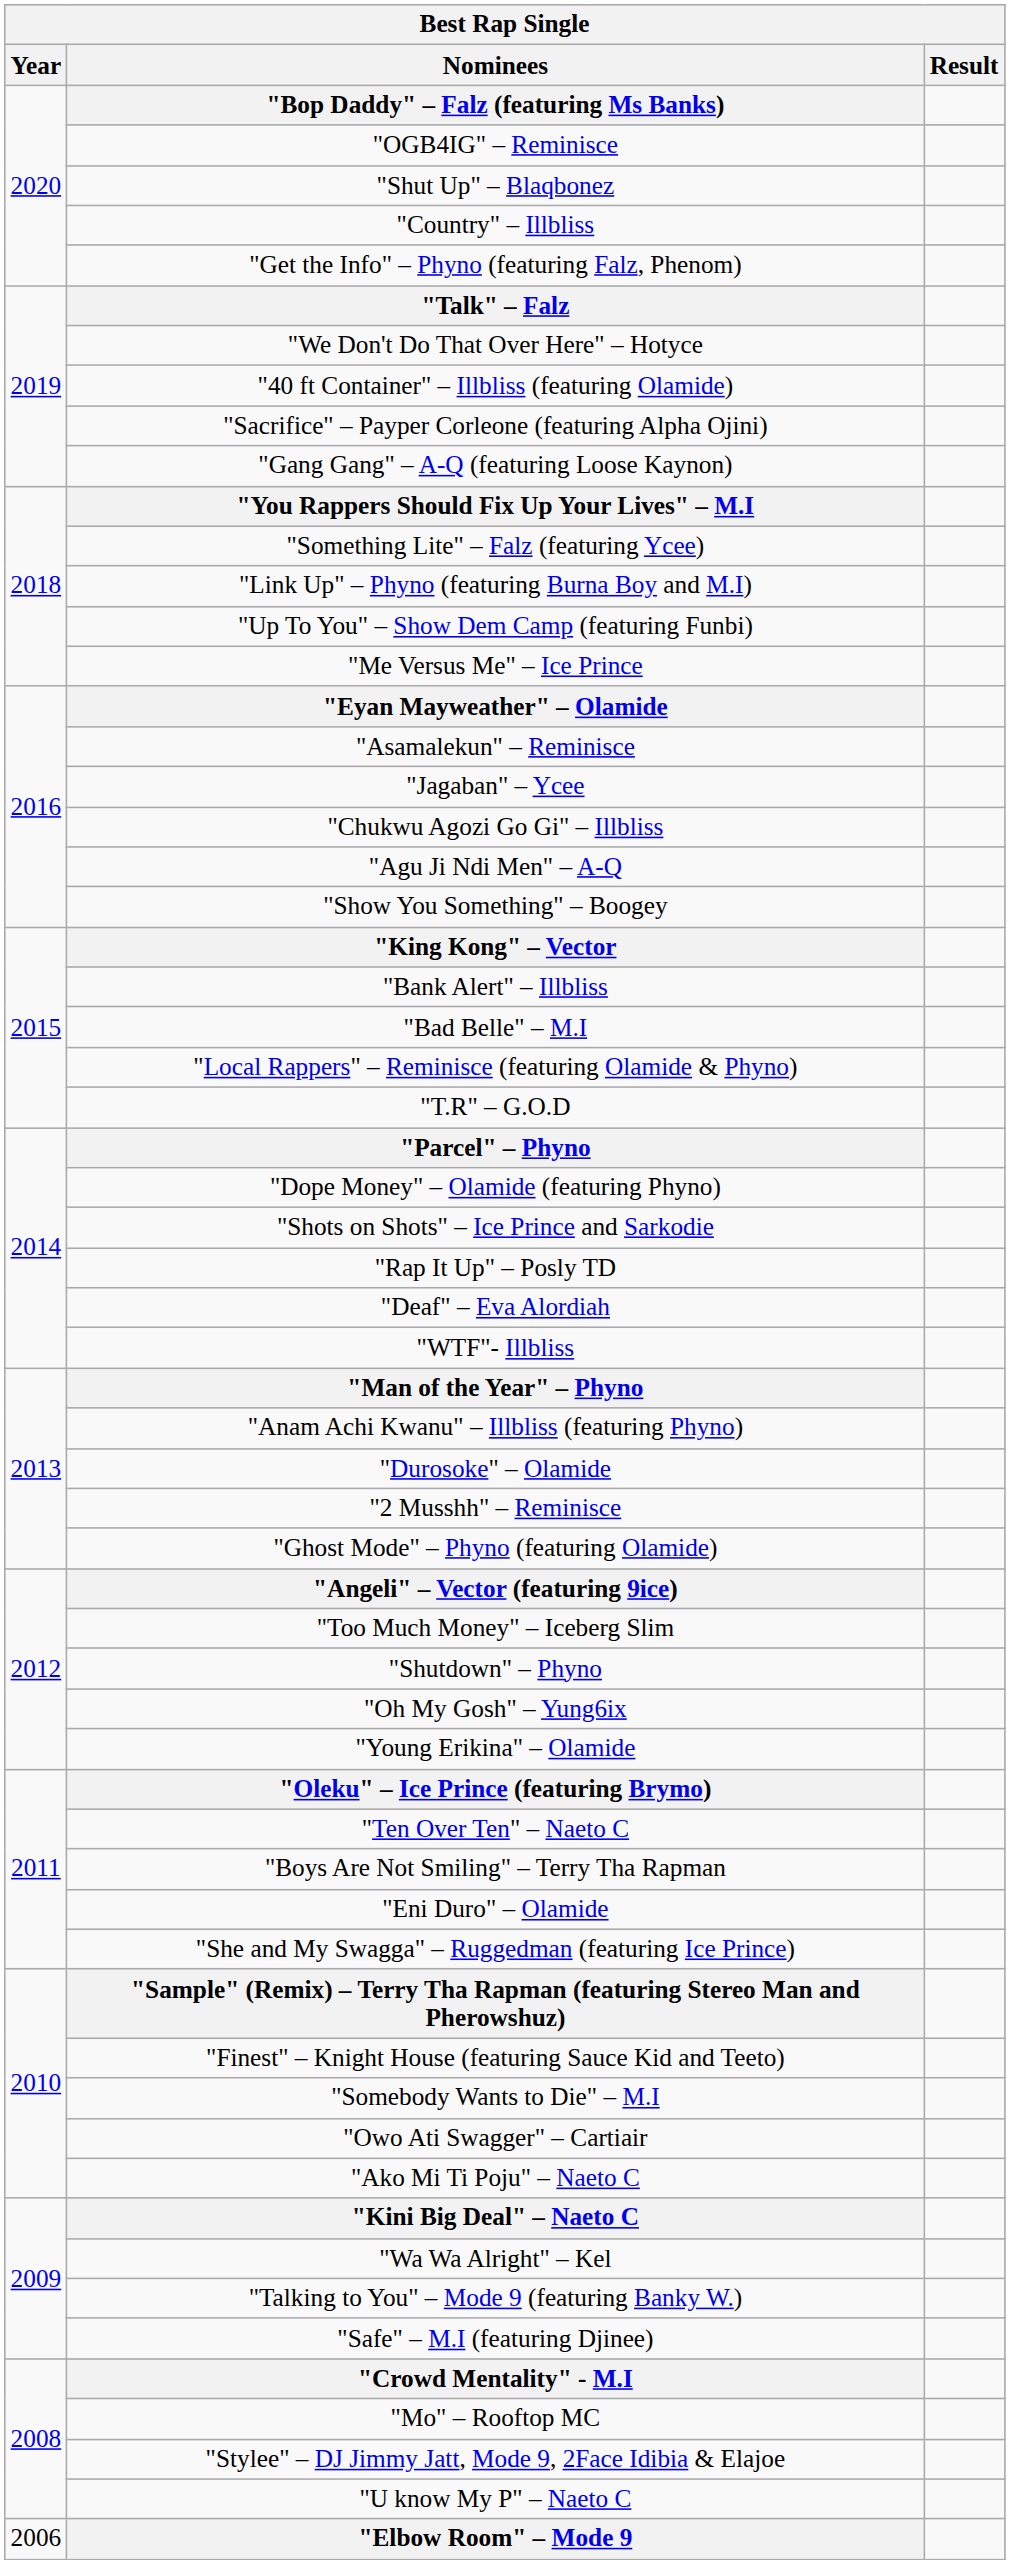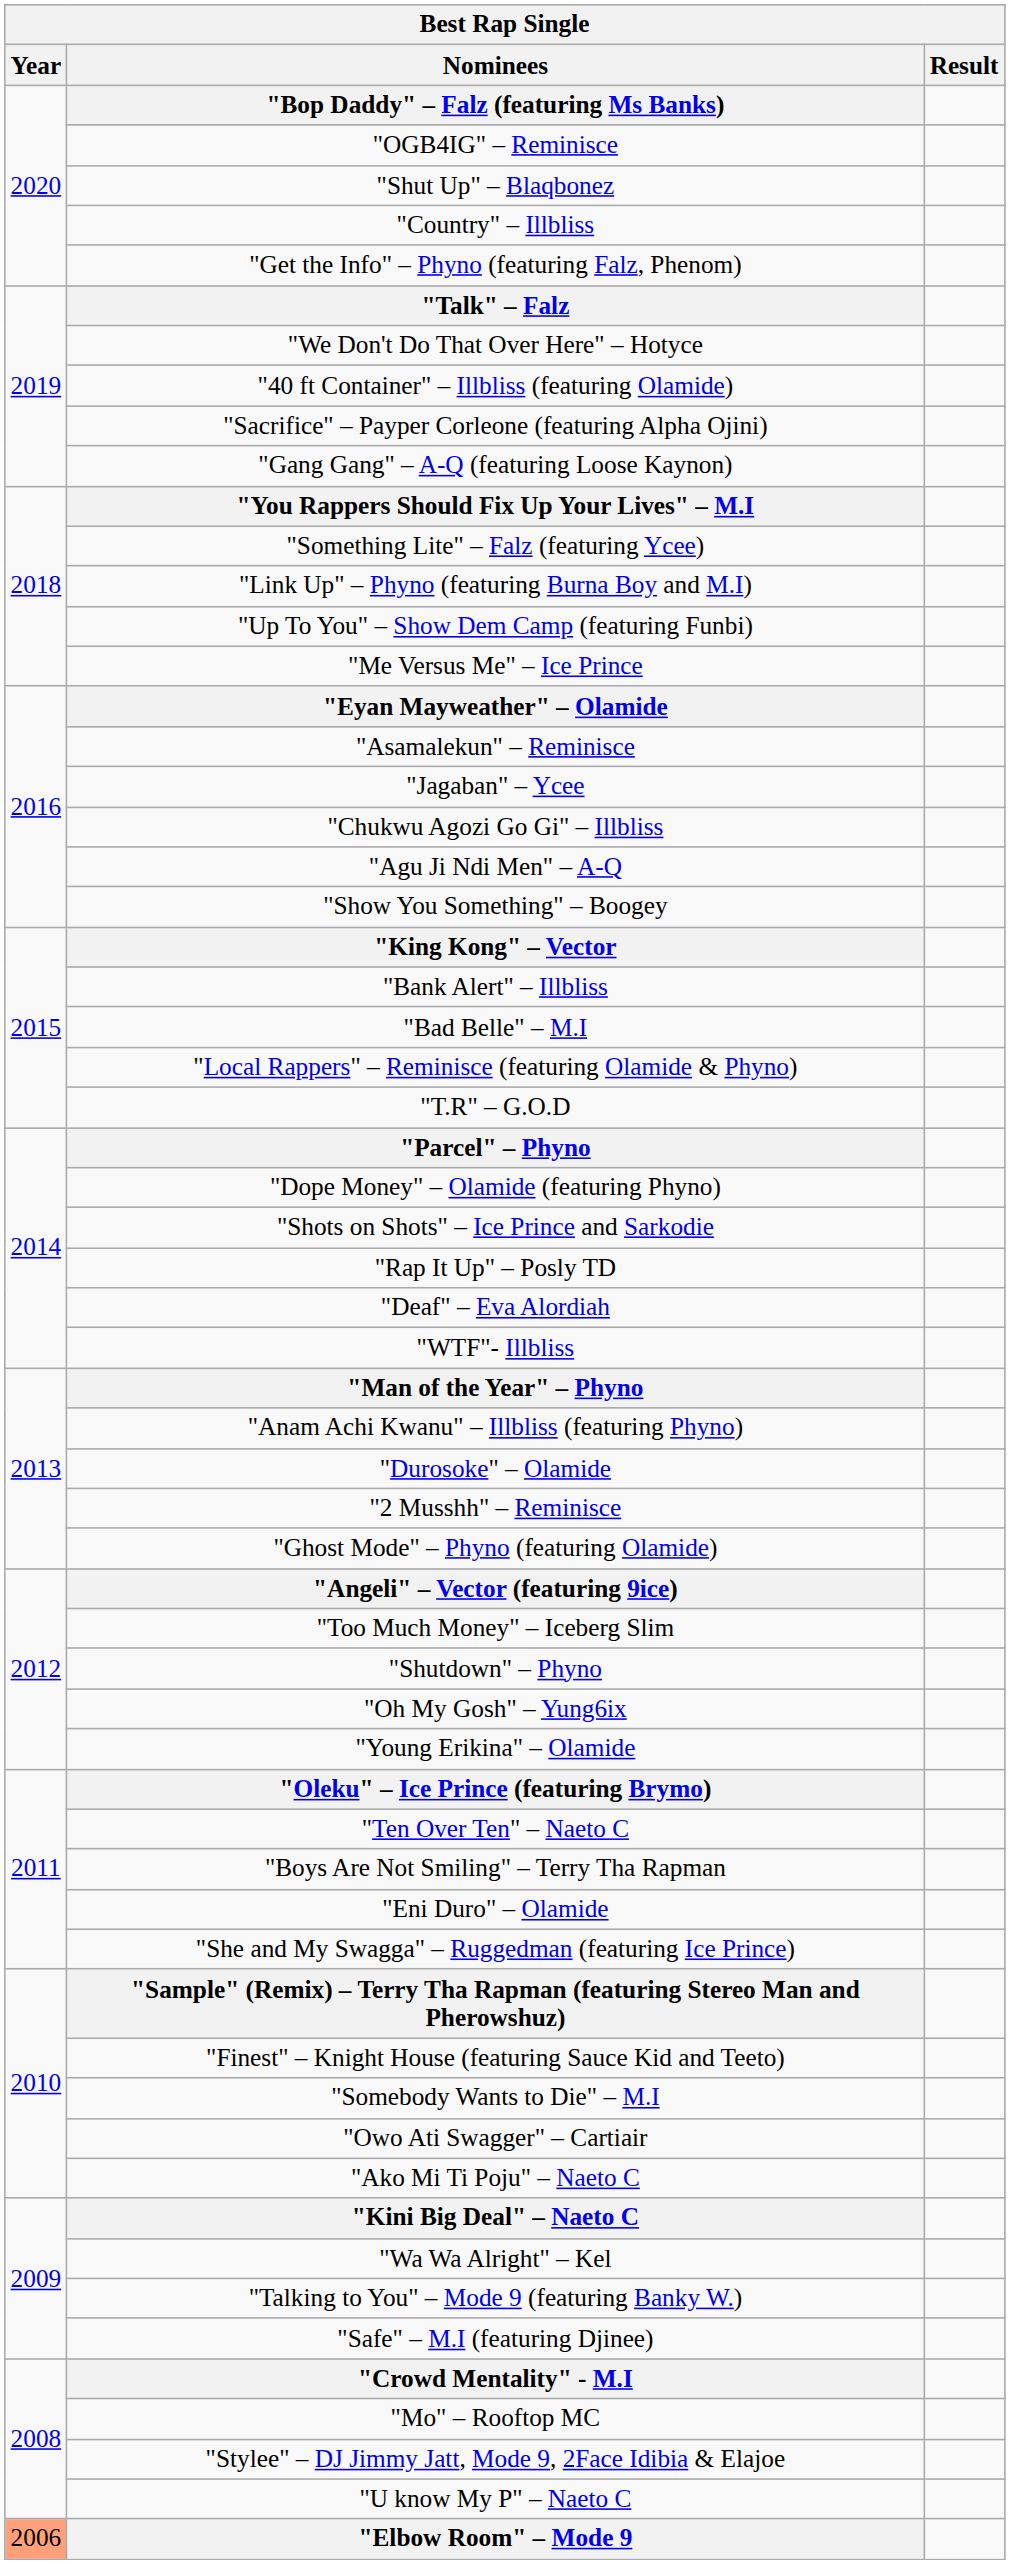 <table class="wikitable"  style="text-align:center; width:40%;">
 <tr>
 <th colspan="4">Best Rap Single</th>
 </tr>
 <tr>
 <th>Year</th>
 <th>Nominees</th>
 <th>Result</th>
 </tr>
 <tr>
 <td rowspan="5"><a href='#'>2020</a></td>
 <th>"Bop Daddy" – <a href='#'>Falz</a><span> (featuring <a href='#'>Ms Banks</a>)</span></th>
 <td></td>
 </tr>
 <tr>
 <td>"OGB4IG" – <a href='#'>Reminisce</a></td>
 <td></td>
 </tr>
 <tr>
 <td>"Shut Up" – <a href='#'>Blaqbonez</a></td>
 <td></td>
 </tr>
 <tr>
 <td>"Country" – <a href='#'>Illbliss</a></td>
 <td></td>
 </tr>
 <tr>
 <td>"Get the Info" – <a href='#'>Phyno</a><span> (featuring <a href='#'>Falz</a>, Phenom)</span></td>
 <td></td>
 </tr>
 <tr>
 <td rowspan="5"><a href='#'>2019</a></td>
 <th>"Talk" – <a href='#'>Falz</a></th>
 <td></td>
 </tr>
 <tr>
 <td>"We Don't Do That Over Here" – Hotyce</td>
 <td></td>
 </tr>
 <tr>
 <td>"40 ft Container" – <a href='#'>Illbliss</a> <span>(featuring <a href='#'>Olamide</a>)</span></td>
 <td></td>
 </tr>
 <tr>
 <td>"Sacrifice" – Payper Corleone <span>(featuring Alpha Ojini)</span></td>
 <td></td>
 </tr>
 <tr>
 <td>"Gang Gang" – <a href='#'>A-Q</a> <span>(featuring Loose Kaynon)</span></td>
 <td></td>
 </tr>
 <tr>
 <td rowspan="5"><a href='#'>2018</a></td>
 <th>"You Rappers Should Fix Up Your Lives" – <a href='#'>M.I</a></th>
 <td></td>
 </tr>
 <tr>
 <td>"Something Lite" – <a href='#'>Falz</a> <span>(featuring <a href='#'>Ycee</a>)</span></td>
 <td></td>
 </tr>
 <tr>
 <td>"Link Up" – <a href='#'>Phyno</a> <span>(featuring <a href='#'>Burna Boy</a> and <a href='#'>M.I</a>)</span></td>
 <td></td>
 </tr>
 <tr>
 <td>"Up To You" – <a href='#'>Show Dem Camp</a> <span>(featuring Funbi)</span></td>
 <td></td>
 </tr>
 <tr>
 <td>"Me Versus Me" – <a href='#'>Ice Prince</a></td>
 <td></td>
 </tr>
 <tr>
 <td rowspan="6"><a href='#'>2016</a></td>
 <th>"Eyan Mayweather" – <a href='#'>Olamide</a></th>
 <td></td>
 </tr>
 <tr>
 <td>"Asamalekun" – <a href='#'>Reminisce</a></td>
 <td></td>
 </tr>
 <tr>
 <td>"Jagaban" – <a href='#'>Ycee</a></td>
 <td></td>
 </tr>
 <tr>
 <td>"Chukwu Agozi Go Gi" – <a href='#'>Illbliss</a></td>
 <td></td>
 </tr>
 <tr>
 <td>"Agu Ji Ndi Men" – <a href='#'>A-Q</a></td>
 <td></td>
 </tr>
 <tr>
 <td>"Show You Something" – Boogey</td>
 <td></td>
 </tr>
 <tr>
 <td rowspan="5"><a href='#'>2015</a></td>
 <th>"King Kong" – <a href='#'>Vector</a></th>
 <td></td>
 </tr>
 <tr>
 <td>"Bank Alert" – <a href='#'>Illbliss</a></td>
 <td></td>
 </tr>
 <tr>
 <td>"Bad Belle" – <a href='#'>M.I</a></td>
 <td></td>
 </tr>
 <tr>
 <td>"<a href='#'>Local Rappers</a>" – <a href='#'>Reminisce</a> <span>(featuring <a href='#'>Olamide</a> & <a href='#'>Phyno</a>)</span></td>
 <td></td>
 </tr>
 <tr>
 <td>"T.R" – G.O.D</td>
 <td></td>
 </tr>
 <tr>
 <td rowspan="6"><a href='#'>2014</a></td>
 <th>"Parcel" – <a href='#'>Phyno</a></th>
 <td></td>
 </tr>
 <tr>
 <td>"Dope Money" – <a href='#'>Olamide</a> <span>(featuring Phyno)</span></td>
 <td></td>
 </tr>
 <tr>
 <td>"Shots on Shots" –  <a href='#'>Ice Prince</a> and <a href='#'>Sarkodie</a></td>
 <td></td>
 </tr>
 <tr>
 <td>"Rap It Up" – Posly TD</td>
 <td></td>
 </tr>
 <tr>
 <td>"Deaf" – <a href='#'>Eva Alordiah</a></td>
 <td></td>
 </tr>
 <tr>
 <td>"WTF"- <a href='#'>Illbliss</a></td>
 <td></td>
 </tr>
 <tr>
 <td rowspan="5"><a href='#'>2013</a></td>
 <th>"Man of the Year" – <a href='#'>Phyno</a></th>
 <td></td>
 </tr>
 <tr>
 <td>"Anam Achi Kwanu" – <a href='#'>Illbliss</a> <span>(featuring <a href='#'>Phyno</a>)</span></td>
 <td></td>
 </tr>
 <tr>
 <td>"<a href='#'>Durosoke</a>" –  <a href='#'>Olamide</a></td>
 <td></td>
 </tr>
 <tr>
 <td>"2 Musshh" – <a href='#'>Reminisce</a></td>
 <td></td>
 </tr>
 <tr>
 <td>"Ghost Mode" – <a href='#'>Phyno</a> <span>(featuring <a href='#'>Olamide</a>)</span></td>
 <td></td>
 </tr>
 <tr>
 <td rowspan="5"><a href='#'>2012</a></td>
 <th>"Angeli" – <a href='#'>Vector</a> <span>(featuring <a href='#'>9ice</a>)</span></th>
 <td></td>
 </tr>
 <tr>
 <td>"Too Much Money" – Iceberg Slim</td>
 <td></td>
 </tr>
 <tr>
 <td>"Shutdown" – <a href='#'>Phyno</a></td>
 <td></td>
 </tr>
 <tr>
 <td>"Oh My Gosh" – <a href='#'>Yung6ix</a></td>
 <td></td>
 </tr>
 <tr>
 <td>"Young Erikina" – <a href='#'>Olamide</a></td>
 <td></td>
 </tr>
 <tr>
 <td rowspan="5"><a href='#'>2011</a></td>
 <th>"<a href='#'>Oleku</a>" – <a href='#'>Ice Prince</a> <span>(featuring <a href='#'>Brymo</a>)</span></th>
 <td></td>
 </tr>
 <tr>
 <td>"<a href='#'>Ten Over Ten</a>" – <a href='#'>Naeto C</a></td>
 <td></td>
 </tr>
 <tr>
 <td>"Boys Are Not Smiling" – Terry Tha Rapman</td>
 <td></td>
 </tr>
 <tr>
 <td>"Eni Duro" – <a href='#'>Olamide</a></td>
 <td></td>
 </tr>
 <tr>
 <td>"She and My Swagga" – <a href='#'>Ruggedman</a> <span>(featuring <a href='#'>Ice Prince</a>)</span></td>
 <td></td>
 </tr>
 <tr>
 <td rowspan="5"><a href='#'>2010</a></td>
 <th>"Sample" (Remix) – Terry Tha Rapman <span>(featuring Stereo Man and Pherowshuz)</span></th>
 <td></td>
 </tr>
 <tr>
 <td>"Finest" – Knight House <span>(featuring Sauce Kid and Teeto)</span></td>
 <td></td>
 </tr>
 <tr>
 <td>"Somebody Wants to Die" – <a href='#'>M.I</a></td>
 <td></td>
 </tr>
 <tr>
 <td>"Owo Ati Swagger" – Cartiair</td>
 <td></td>
 </tr>
 <tr>
 <td>"Ako Mi Ti Poju" – <a href='#'>Naeto C</a></td>
 <td></td>
 </tr>
 <tr>
 <td rowspan="4"><a href='#'>2009</a></td>
 <th>"Kini Big Deal" – <a href='#'>Naeto C</a></th>
 <td></td>
 </tr>
 <tr>
 <td>"Wa Wa Alright" – Kel</td>
 <td></td>
 </tr>
 <tr>
 <td>"Talking to You" – <a href='#'>Mode 9</a> <span>(featuring <a href='#'>Banky W.</a>)</span></td>
 <td></td>
 </tr>
 <tr>
 <td>"Safe" – <a href='#'>M.I</a> <span>(featuring Djinee)</span></td>
 <td></td>
 </tr>
 <tr>
 <td rowspan="4"><a href='#'>2008</a></td>
 <th>"Crowd Mentality" - <a href='#'>M.I</a></th>
 <td></td>
 </tr>
 <tr>
 <td>"Mo" – Rooftop MC</td>
 <td></td>
 </tr>
 <tr>
 <td>"Stylee" – <a href='#'>DJ Jimmy Jatt</a>, <a href='#'>Mode 9</a>, <a href='#'>2Face Idibia</a> & Elajoe</td>
 <td></td>
 </tr>
 <tr>
 <td>"U know My P" – <a href='#'>Naeto C</a></td>
 <td></td>
 </tr>
 <tr>
-<td>2006</td>
+<td style="background: lightsalmon;">2006</td>
 <th>"Elbow Room" – <a href='#'>Mode 9</a></th>
 <td></td>
 </tr>
 </table>
